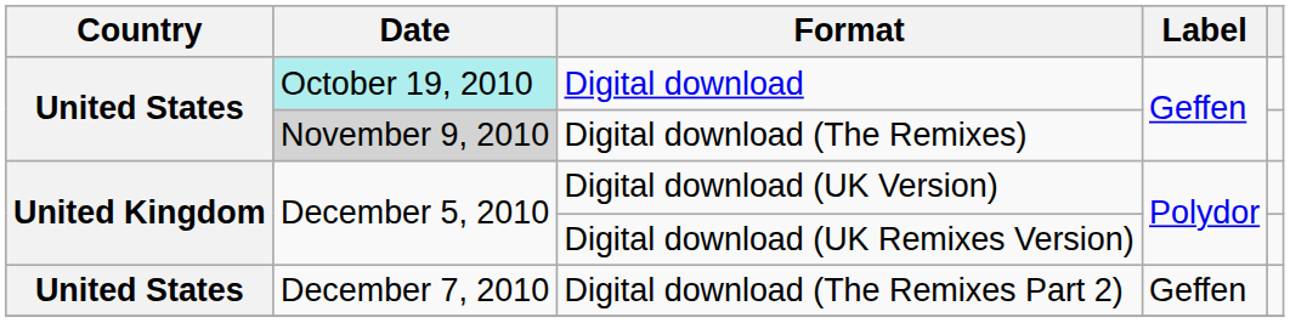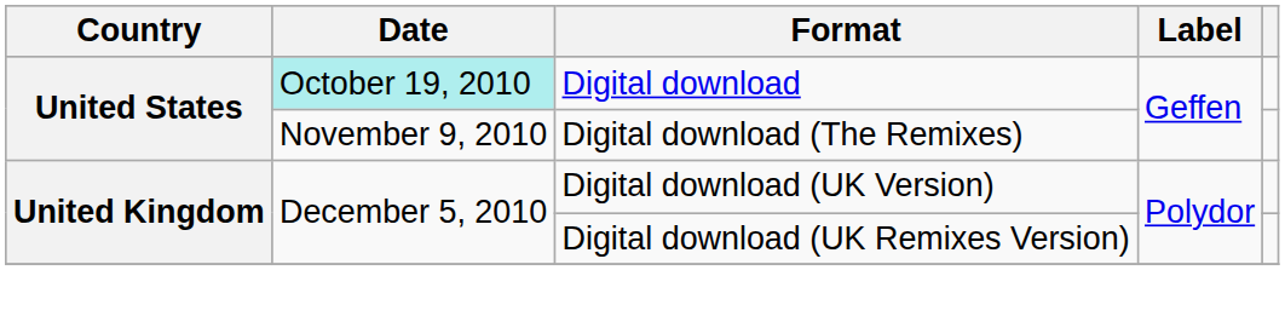 <table class="wikitable plainrowheaders">
 <tr>
 <th scope="col">Country</th>
 <th scope="col">Date</th>
 <th scope="col">Format</th>
 <th scope="col">Label</th>
 <th scope="col"></th>
 </tr>
 <tr>
 <th scope="row" rowspan="2">United States</th>
 <td style="background: paleturquoise;">October 19, 2010</td>
 <td><a href='#'>Digital download</a></td>
 <td rowspan="2"><a href='#'>Geffen</a></td>
 <td></td>
 </tr>
 <tr>
-<td style="background: lightgrey;">November 9, 2010</td>
+<td>November 9, 2010</td>
 <td>Digital download (The Remixes)</td>
 <td></td>
 </tr>
 <tr>
 <th scope="row" rowspan="2">United Kingdom</th>
 <td rowspan="2">December 5, 2010</td>
 <td>Digital download (UK Version)</td>
 <td rowspan="2"><a href='#'>Polydor</a></td>
 <td></td>
 </tr>
 <tr>
 <td>Digital download (UK Remixes Version)</td>
 <td></td>
 </tr>
 <tr>
-<th scope="row">United States</th>
-<td>December 7, 2010</td>
-<td>Digital download (The Remixes Part 2)</td>
-<td>Geffen</td>
-<td></td>
-</tr>
-<tr>
 </tr>
 </table>
